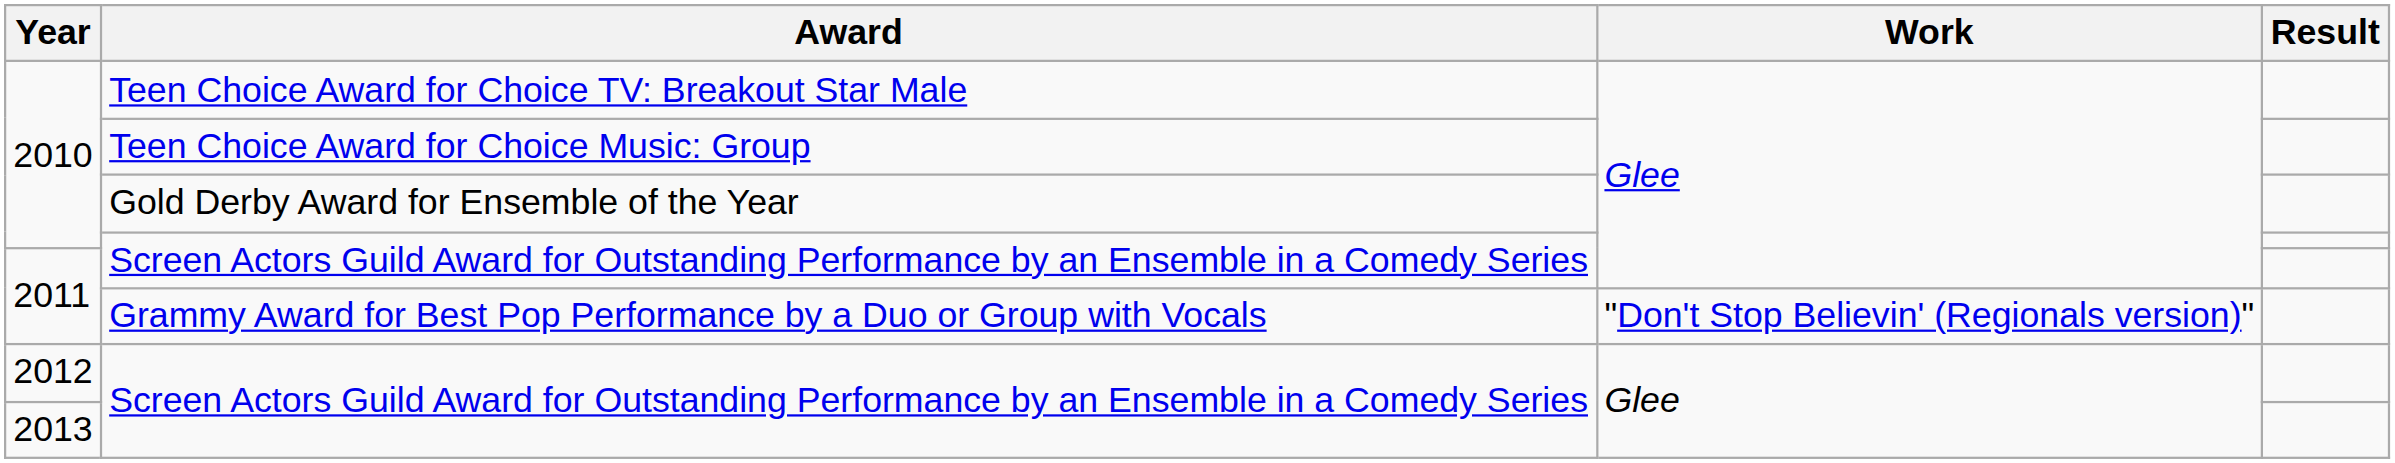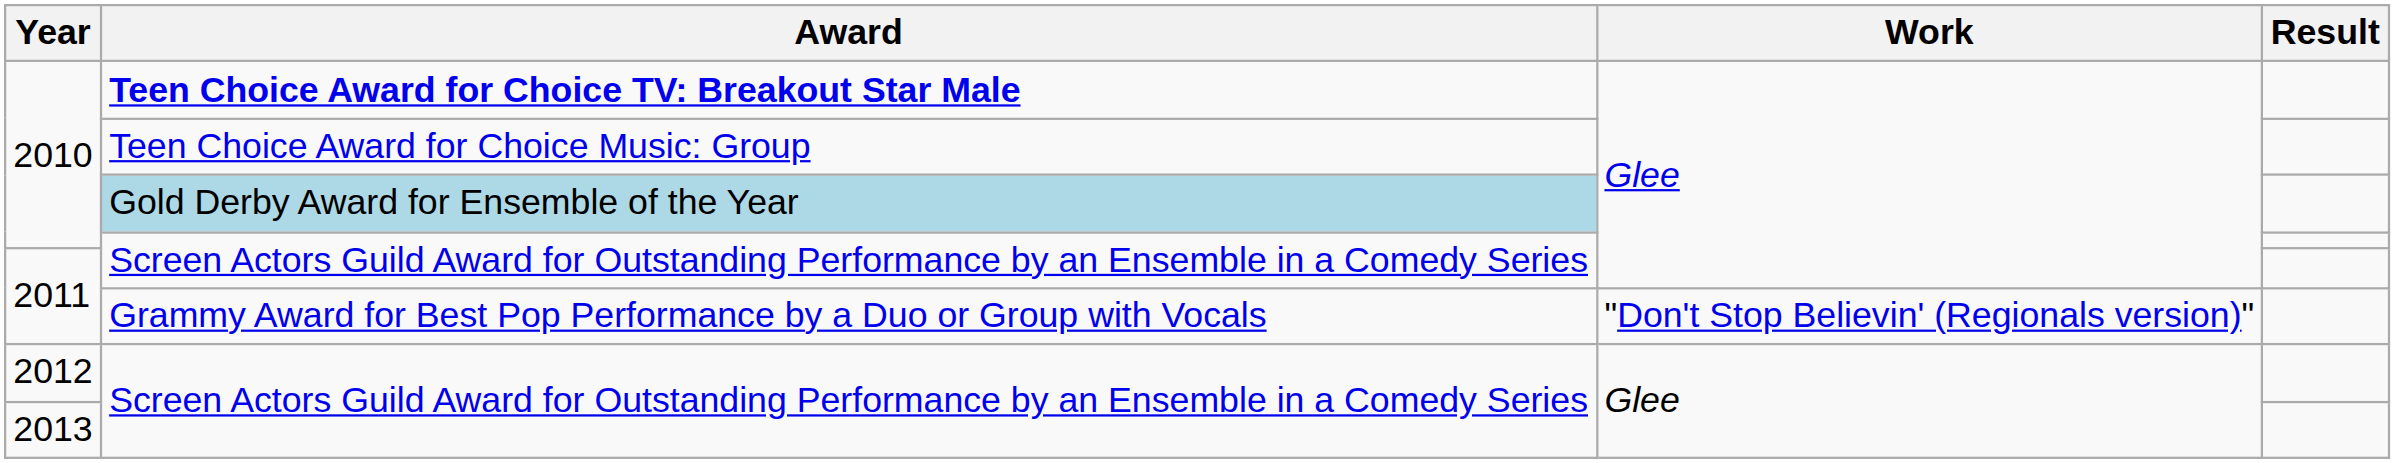 <table class="wikitable">
 <tr>
 <th>Year</th>
 <th>Award</th>
 <th>Work</th>
 <th>Result</th>
 </tr>
 <tr>
 <td rowspan="4">2010</td>
-<td><a href='#'>Teen Choice Award for Choice TV: Breakout Star Male</a></td>
+<td><strong><a href='#'>Teen Choice Award for Choice TV: Breakout Star Male</a></strong></td>
 <td rowspan="5"><em><a href='#'>Glee</a></em></td>
 <td></td>
 </tr>
 <tr>
 <td><a href='#'>Teen Choice Award for Choice Music: Group</a></td>
 <td></td>
 </tr>
 <tr>
-<td>Gold Derby Award for Ensemble of the Year</td>
+<td style="background: lightblue;">Gold Derby Award for Ensemble of the Year</td>
 <td></td>
 </tr>
 <tr>
 <td rowspan="2"><a href='#'>Screen Actors Guild Award for Outstanding Performance by an Ensemble in a Comedy Series</a></td>
 <td></td>
 </tr>
 <tr>
 <td rowspan=2>2011</td>
 <td></td>
 </tr>
 <tr>
 <td><a href='#'>Grammy Award for Best Pop Performance by a Duo or Group with Vocals</a></td>
 <td>"<a href='#'>Don't Stop Believin' (Regionals version)</a>"</td>
 <td></td>
 </tr>
 <tr>
 <td>2012</td>
 <td rowspan=2><a href='#'>Screen Actors Guild Award for Outstanding Performance by an Ensemble in a Comedy Series</a></td>
 <td rowspan=2><em>Glee</em></td>
 <td></td>
 </tr>
 <tr>
 <td>2013</td>
 <td></td>
 </tr>
 </table>
